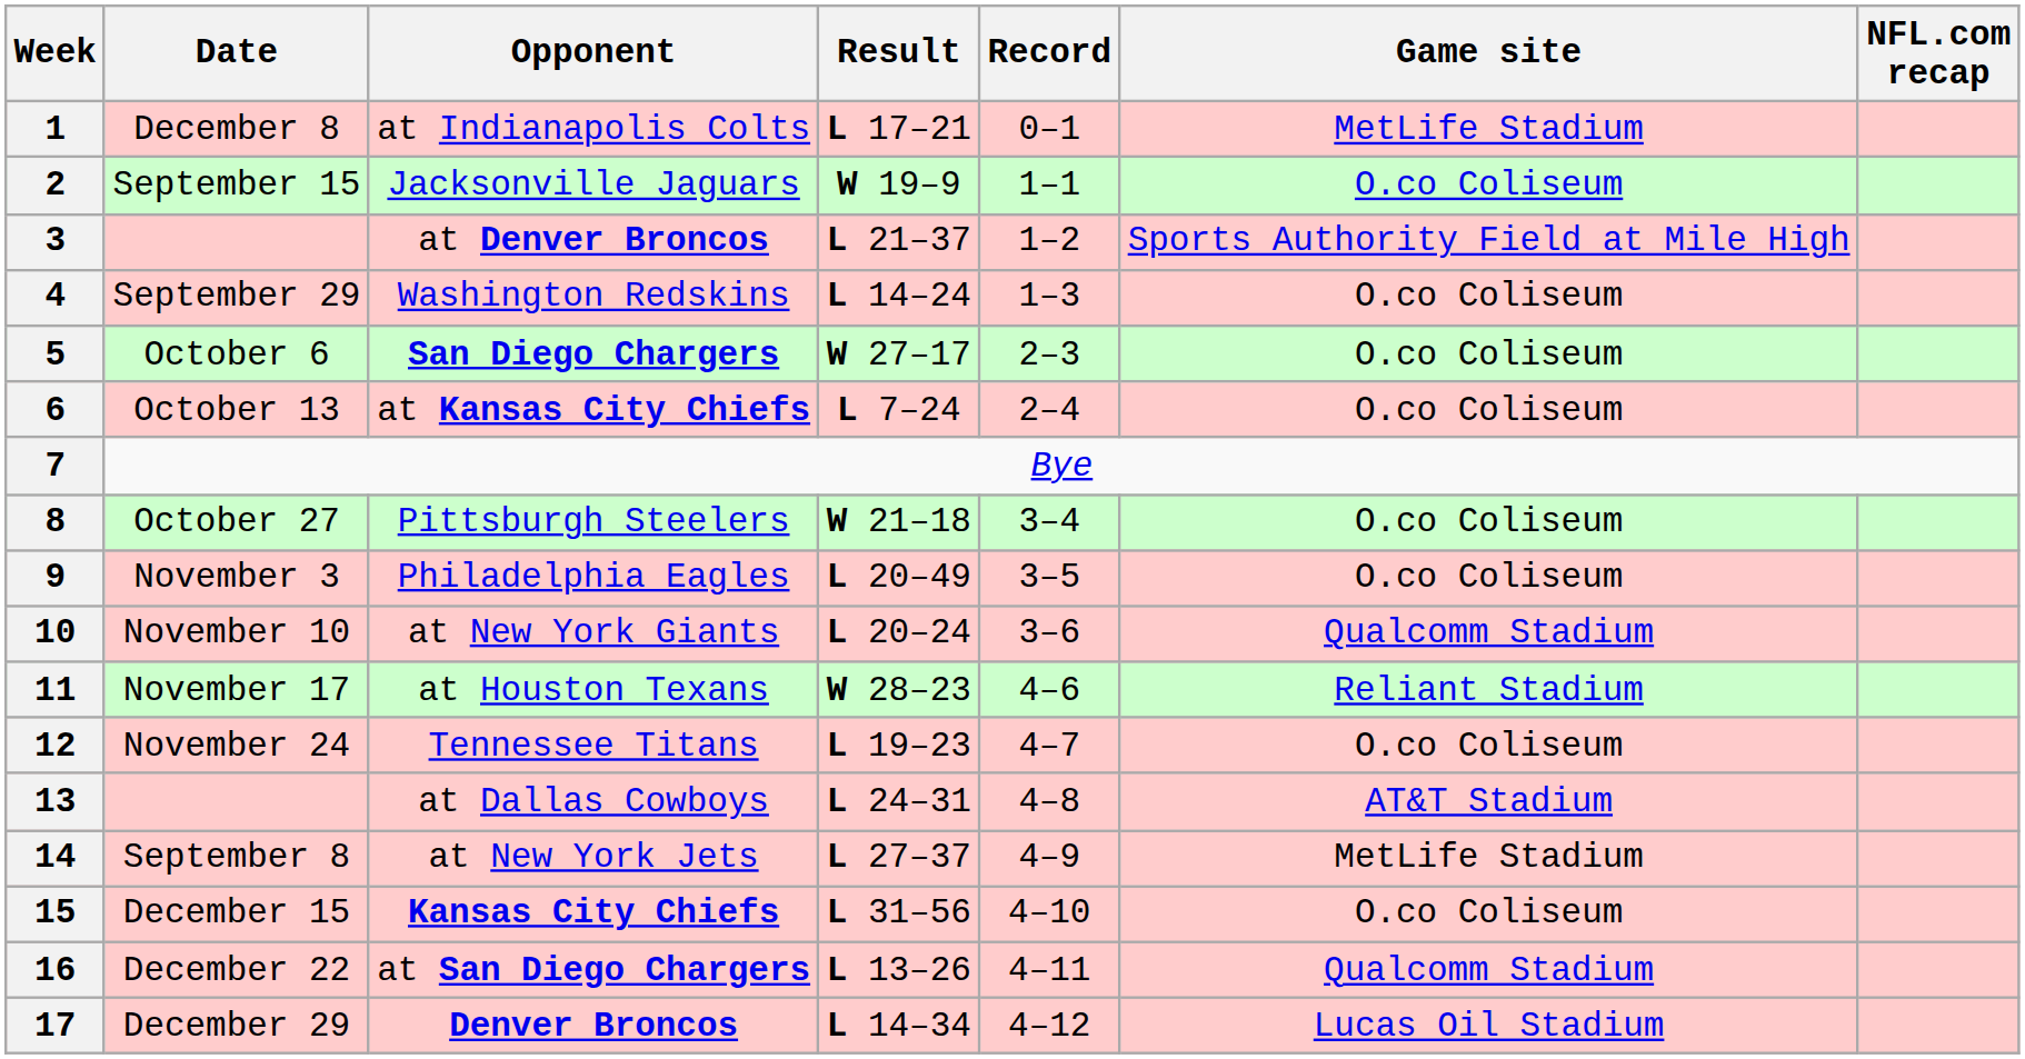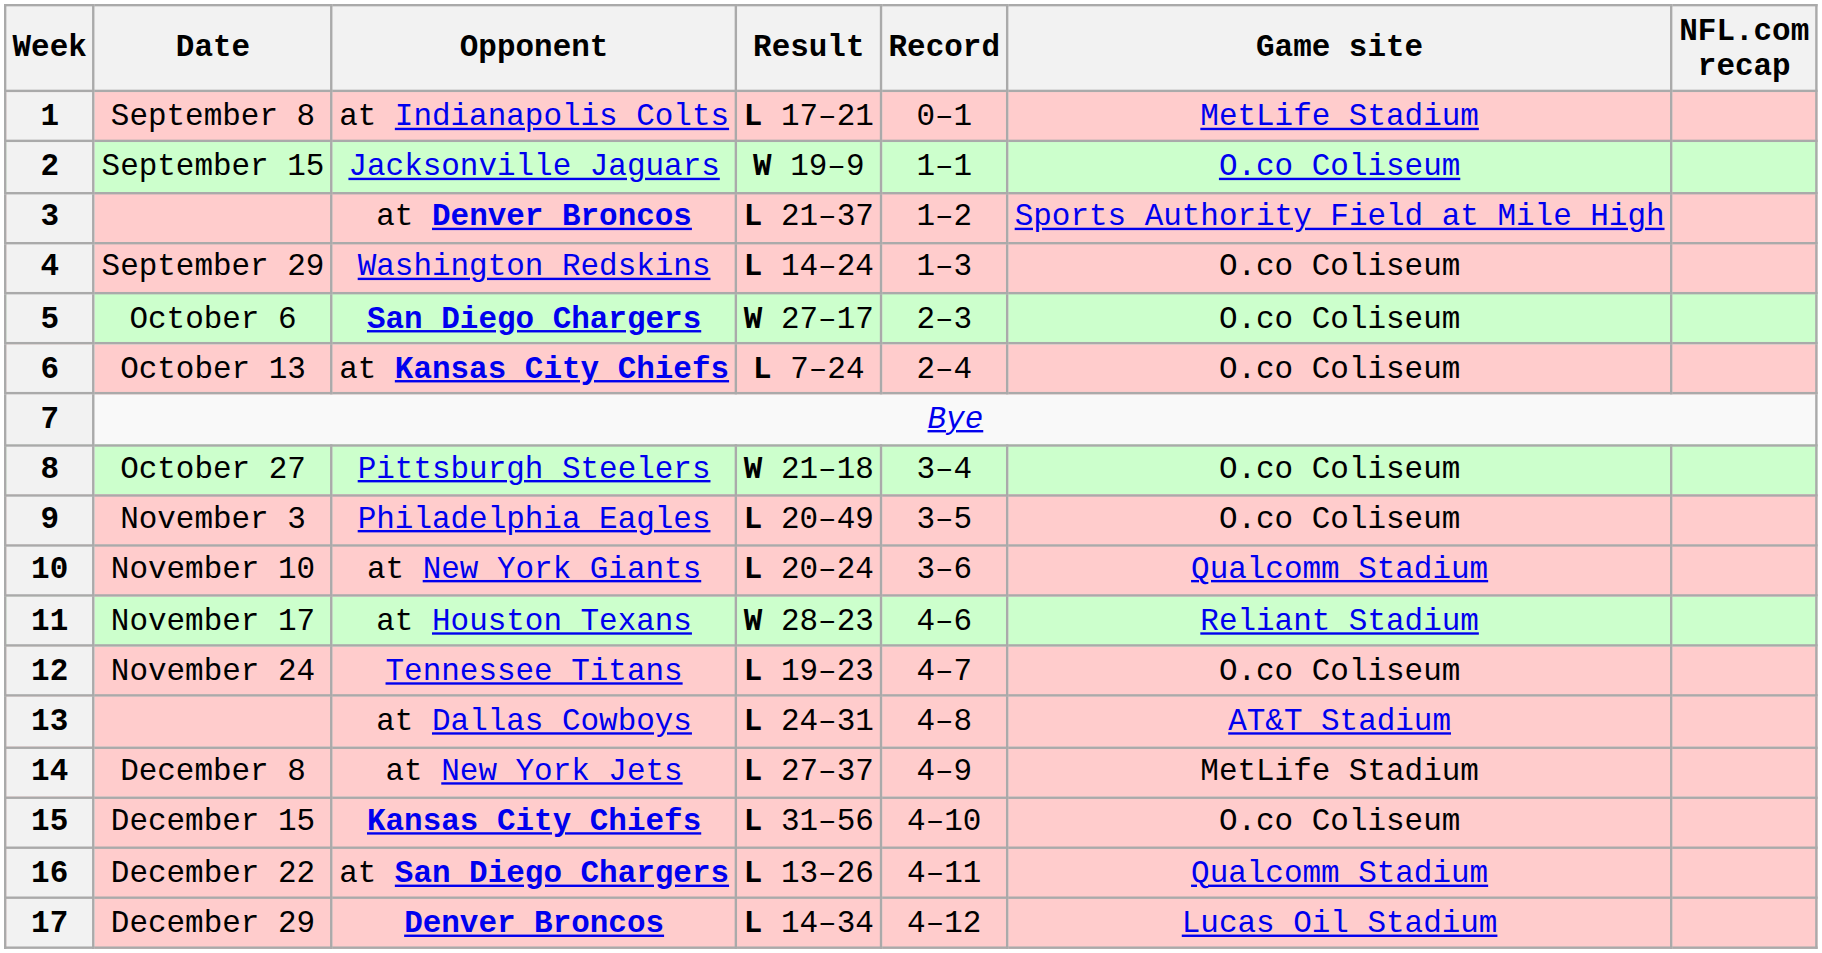 <table class="wikitable" style="align=center">
 <tr>
 <th +>Week</th>
 <th +>Date</th>
 <th +>Opponent</th>
 <th +>Result</th>
 <th +>Record</th>
 <th +>Game site</th>
 <th +>NFL.com<br>recap</th>
 </tr>
 <tr style="background:#fcc; text-align:center;">
 <th>1</th>
-<td>December 8</td>
+<td>September 8</td>
 <td>at <a href='#'>Indianapolis Colts</a></td>
 <td><strong>L</strong> 17–21</td>
 <td>0–1</td>
 <td><a href='#'>MetLife Stadium</a></td>
 <td></td>
 </tr>
 <tr style="background:#cfc; text-align:center;">
 <th>2</th>
 <td>September 15</td>
 <td><a href='#'>Jacksonville Jaguars</a></td>
 <td><strong>W</strong> 19–9</td>
 <td>1–1</td>
 <td><a href='#'>O.co Coliseum</a></td>
 <td></td>
 </tr>
 <tr style="background:#fcc; text-align:center;">
 <th>3</th>
 <td></td>
 <td>at <strong><a href='#'>Denver Broncos</a></strong></td>
 <td><strong>L</strong> 21–37</td>
 <td>1–2</td>
 <td><a href='#'>Sports Authority Field at Mile High</a></td>
 <td></td>
 </tr>
 <tr style="background:#fcc; text-align:center;">
 <th>4</th>
 <td>September 29</td>
 <td><a href='#'>Washington Redskins</a></td>
 <td><strong>L</strong> 14–24</td>
 <td>1–3</td>
 <td>O.co Coliseum</td>
 <td></td>
 </tr>
 <tr style="background:#cfc; text-align:center;">
 <th>5</th>
 <td>October 6</td>
 <td><strong><a href='#'>San Diego Chargers</a></strong></td>
 <td><strong>W</strong> 27–17</td>
 <td>2–3</td>
 <td>O.co Coliseum</td>
 <td></td>
 </tr>
 <tr style="background:#fcc; text-align:center;">
 <th>6</th>
 <td>October 13</td>
 <td>at <strong><a href='#'>Kansas City Chiefs</a></strong></td>
 <td><strong>L</strong> 7–24</td>
 <td>2–4</td>
 <td>O.co Coliseum</td>
 <td></td>
 </tr>
 <tr>
 <th>7</th>
 <td colspan="6" style="text-align:center;"><em><a href='#'>Bye</a></em></td>
 </tr>
 <tr style="background:#cfc; text-align:center;">
 <th>8</th>
 <td>October 27</td>
 <td><a href='#'>Pittsburgh Steelers</a></td>
 <td><strong>W</strong> 21–18</td>
 <td>3–4</td>
 <td>O.co Coliseum</td>
 <td></td>
 </tr>
 <tr style="background:#fcc; text-align:center;">
 <th>9</th>
 <td>November 3</td>
 <td><a href='#'>Philadelphia Eagles</a></td>
 <td><strong>L</strong> 20–49</td>
 <td>3–5</td>
 <td>O.co Coliseum</td>
 <td></td>
 </tr>
 <tr style="background:#fcc; text-align:center;">
 <th>10</th>
 <td>November 10</td>
 <td>at <a href='#'>New York Giants</a></td>
 <td><strong>L</strong> 20–24</td>
 <td>3–6</td>
 <td><a href='#'>Qualcomm Stadium</a></td>
 <td></td>
 </tr>
 <tr style="background:#cfc; text-align:center;">
 <th>11</th>
 <td>November 17</td>
 <td>at <a href='#'>Houston Texans</a></td>
 <td><strong>W</strong> 28–23</td>
 <td>4–6</td>
 <td><a href='#'>Reliant Stadium</a></td>
 <td></td>
 </tr>
 <tr style="background:#fcc; text-align:center;">
 <th>12</th>
 <td>November 24</td>
 <td><a href='#'>Tennessee Titans</a></td>
 <td><strong>L</strong> 19–23</td>
 <td>4–7</td>
 <td>O.co Coliseum</td>
 <td></td>
 </tr>
 <tr style="background:#fcc; text-align:center;">
 <th>13</th>
 <td><a href='#'></a></td>
 <td>at <a href='#'>Dallas Cowboys</a></td>
 <td><strong>L</strong> 24–31</td>
 <td>4–8</td>
 <td><a href='#'>AT&T Stadium</a></td>
 <td></td>
 </tr>
 <tr style="background:#fcc; text-align:center;">
 <th>14</th>
-<td>September 8</td>
+<td>December 8</td>
 <td>at <a href='#'>New York Jets</a></td>
 <td><strong>L</strong> 27–37</td>
 <td>4–9</td>
 <td>MetLife Stadium</td>
 <td></td>
 </tr>
 <tr style="background:#fcc; text-align:center;">
 <th>15</th>
 <td>December 15</td>
 <td><strong><a href='#'>Kansas City Chiefs</a></strong></td>
 <td><strong>L</strong> 31–56</td>
 <td>4–10</td>
 <td>O.co Coliseum</td>
 <td></td>
 </tr>
 <tr style="background:#fcc; text-align:center;">
 <th>16</th>
 <td>December 22</td>
 <td>at <strong><a href='#'>San Diego Chargers</a></strong></td>
 <td><strong>L</strong> 13–26</td>
 <td>4–11</td>
 <td><a href='#'>Qualcomm Stadium</a></td>
 <td></td>
 </tr>
 <tr style="background:#fcc; text-align:center;">
 <th>17</th>
 <td>December 29</td>
 <td><strong><a href='#'>Denver Broncos</a></strong></td>
 <td><strong>L</strong> 14–34</td>
 <td>4–12</td>
 <td><a href='#'>Lucas Oil Stadium</a></td>
 <td></td>
 </tr>
 </table>
